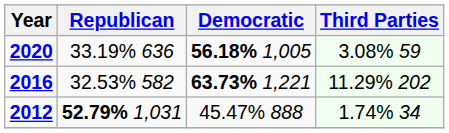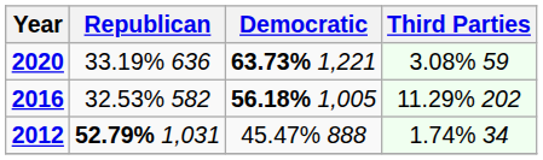 <table class="wikitable" style="float:right; font-size:95%;">
 <tr bgcolor=lightgrey>
 <th>Year</th>
 <th><a href='#'>Republican</a></th>
 <th><a href='#'>Democratic</a></th>
 <th><a href='#'>Third Parties</a></th>
 </tr>
 <tr>
 <td style="text-align:center; "><strong><a href='#'>2020</a></strong></td>
 <td style="text-align:center; ">33.19% <em>636</em></td>
-<td style="text-align:center; "><strong>56.18%</strong> <em>1,005</em></td>
+<td style="text-align:center; "><strong>63.73%</strong> <em>1,221</em></td>
 <td style="text-align:center; background:honeyDew;">3.08% <em>59</em></td>
 </tr>
 <tr>
 <td style="text-align:center; "><strong><a href='#'>2016</a></strong></td>
 <td style="text-align:center; ">32.53% <em>582</em></td>
-<td style="text-align:center; "><strong>63.73%</strong> <em>1,221</em></td>
+<td style="text-align:center; "><strong>56.18%</strong> <em>1,005</em></td>
 <td style="text-align:center; background:honeyDew;">11.29% <em>202</em></td>
 </tr>
 <tr>
 <td style="text-align:center; "><strong><a href='#'>2012</a></strong></td>
 <td style="text-align:center; "><strong>52.79%</strong> <em>1,031</em></td>
 <td style="text-align:center; ">45.47% <em>888</em></td>
 <td style="text-align:center; background:honeyDew;">1.74% <em>34</em></td>
 </tr>
 <tr>
 </tr>
 </table>
